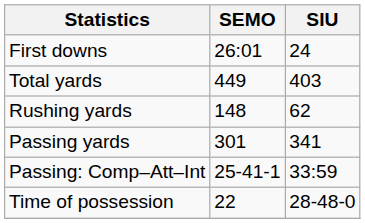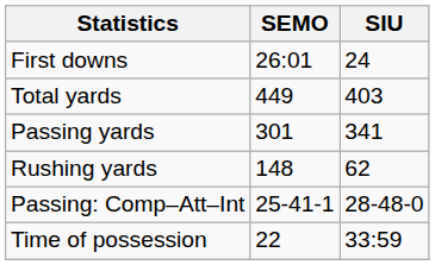 <table class="wikitable" style="float: left;">
 <tr>
 <th>Statistics</th>
 <th>SEMO</th>
 <th>SIU</th>
 </tr>
 <tr>
 <td>First downs</td>
 <td>26:01</td>
 <td>24</td>
 </tr>
 <tr>
 <td>Total yards</td>
 <td>449</td>
 <td>403</td>
 </tr>
 <tr>
+<td>Passing yards</td>
+<td>301</td>
+<td>341</td>
+</tr>
+<tr>
 <td>Rushing yards</td>
 <td>148</td>
 <td>62</td>
 </tr>
 <tr>
-<td>Passing yards</td>
-<td>301</td>
-<td>341</td>
-</tr>
-<tr>
 <td>Passing: Comp–Att–Int</td>
 <td>25-41-1</td>
-<td>33:59</td>
+<td>28-48-0</td>
 </tr>
 <tr>
 <td>Time of possession</td>
 <td>22</td>
-<td>28-48-0</td>
+<td>33:59</td>
 </tr>
 <tr>
 </tr>
 </table>
